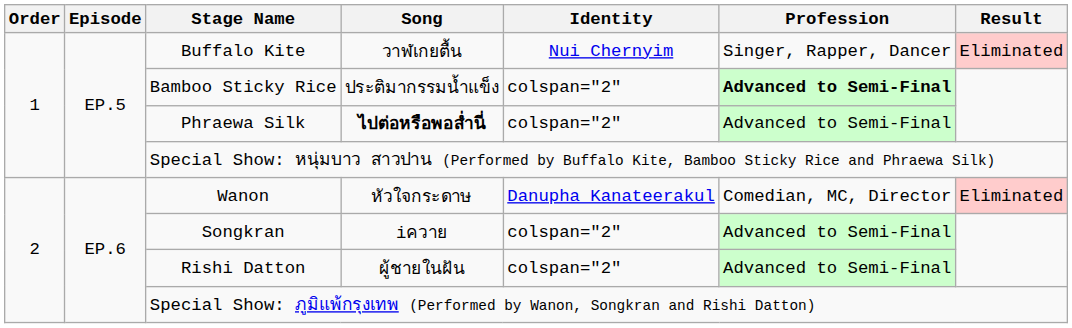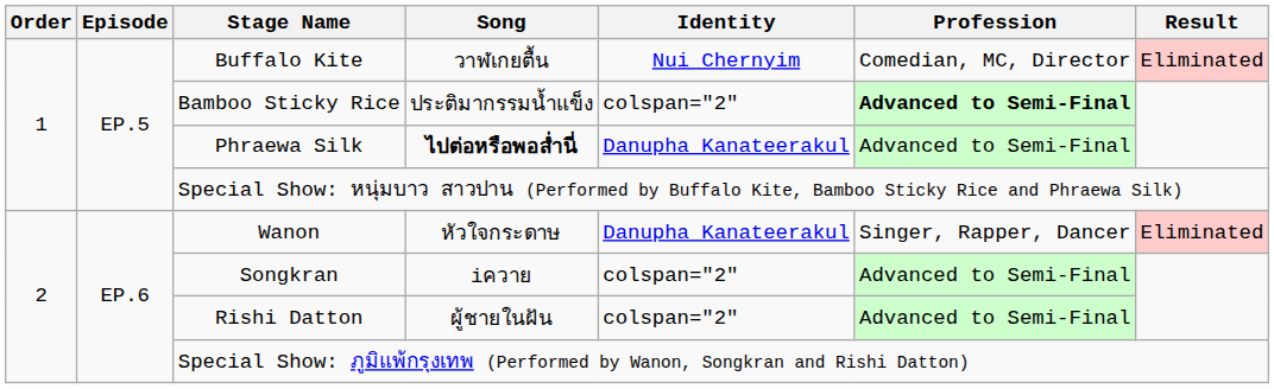 <table class="wikitable">
 <tr>
 <th>Order</th>
 <th>Episode</th>
 <th>Stage Name</th>
 <th>Song</th>
 <th>Identity</th>
 <th>Profession</th>
 <th>Result</th>
 </tr>
 <tr>
 <td rowspan="4" align="center">1</td>
 <td rowspan="4" align="center">EP.5</td>
 <td style="text-align:center;">Buffalo Kite</td>
 <td style="text-align:center;">วาฬเกยตื้น</td>
 <td style="text-align:center;"><a href='#'>Nui Chernyim</a></td>
-<td style="text-align:center;">Singer, Rapper, Dancer</td>
+<td style="text-align:center;">Comedian, MC, Director</td>
 <td style="text-align:center; background:#ffcccc;">Eliminated</td>
 </tr>
 <tr>
 <td style="text-align:center;">Bamboo Sticky Rice</td>
 <td style="text-align:center;">ประติมากรรมน้ำแข็ง</td>
 <td>colspan="2" </td>
 <td style="text-align:center; background:#ccffcc;"><strong>Advanced to Semi-Final</strong></td>
 </tr>
 <tr>
 <td style="text-align:center;">Phraewa Silk</td>
 <td style="text-align:center;"><strong>ไปต่อหรือพอส่ำนี่</strong></td>
-<td>colspan="2" </td>
+<td style="text-align:center;"><a href='#'>Danupha Kanateerakul</a></td>
 <td style="text-align:center; background:#ccffcc;">Advanced to Semi-Final</td>
 </tr>
 <tr>
 <td colspan="5">Special Show: หนุ่มบาว สาวปาน <small>(Performed by Buffalo Kite, Bamboo Sticky Rice and Phraewa Silk)</small></td>
 </tr>
 <tr>
 <td rowspan="4" align="center">2</td>
 <td rowspan="4" align="center">EP.6</td>
 <td style="text-align:center;">Wanon</td>
 <td style="text-align:center;">หัวใจกระดาษ</td>
 <td style="text-align:center;"><a href='#'>Danupha Kanateerakul</a></td>
-<td style="text-align:center;">Comedian, MC, Director</td>
+<td style="text-align:center;">Singer, Rapper, Dancer</td>
 <td style="text-align:center; background:#ffcccc;">Eliminated</td>
 </tr>
 <tr>
 <td style="text-align:center;">Songkran</td>
 <td style="text-align:center;">iควาย</td>
 <td>colspan="2" </td>
 <td style="text-align:center; background:#ccffcc;">Advanced to Semi-Final</td>
 </tr>
 <tr>
 <td style="text-align:center;">Rishi Datton</td>
 <td style="text-align:center;">ผู้ชายในฝัน</td>
 <td>colspan="2" </td>
 <td style="text-align:center; background:#ccffcc;">Advanced to Semi-Final</td>
 </tr>
 <tr>
 <td colspan="5">Special Show: <a href='#'>ภูมิแพ้กรุงเทพ</a> <small>(Performed by Wanon, Songkran and Rishi Datton)</small></td>
 </tr>
 </table>
